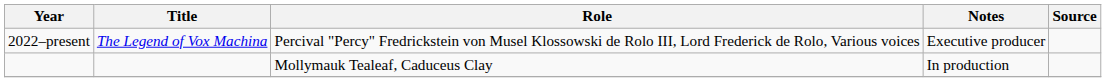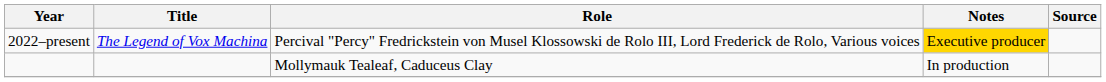 <table class="wikitable sortable">
 <tr>
 <th scope="col">Year</th>
 <th scope="col">Title</th>
 <th scope="col">Role</th>
 <th scope="col">Notes</th>
 <th class="unsortable" scope="col">Source</th>
 </tr>
 <tr>
 <td>2022–present</td>
 <td><em><a href='#'>The Legend of Vox Machina</a></em></td>
 <td>Percival "Percy" Fredrickstein von Musel Klossowski de Rolo III, Lord Frederick de Rolo, Various voices</td>
-<td>Executive producer</td>
+<td style="background: gold;">Executive producer</td>
 <td></td>
 </tr>
 <tr>
 <td></td>
 <td></td>
 <td>Mollymauk Tealeaf, Caduceus Clay</td>
 <td>In production</td>
 <td></td>
 </tr>
 <tr>
 </tr>
 </table>
